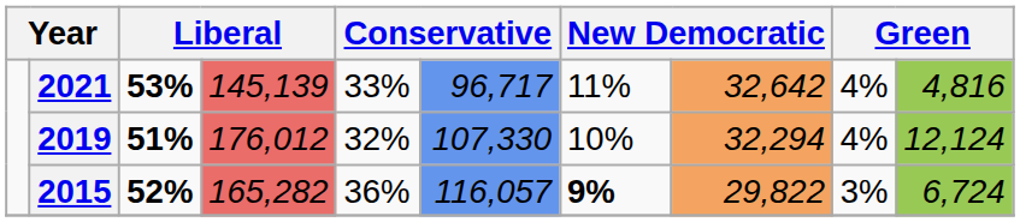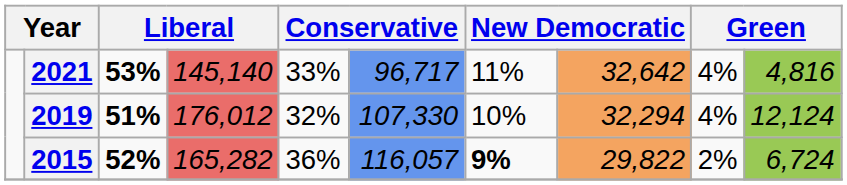 <table class="wikitable" style="float:right; width:400; font-size:90%; margin-left:1em;">
 <tr>
 <th colspan="2" scope="col">Year</th>
 <th colspan="2" scope="col"><a href='#'>Liberal</a></th>
 <th colspan="2" scope="col"><a href='#'>Conservative</a></th>
 <th colspan="2" scope="col"><a href='#'>New Democratic</a></th>
 <th colspan="2" scope="col"><a href='#'>Green</a></th>
 </tr>
 <tr>
 <td rowspan="3" style="width: 0.25em; background-color: "></td>
 <th><a href='#'>2021</a></th>
 <td><strong>53%</strong></td>
-<td style="text-align:right; background:#EA6D6A;"><em>145,139</em></td>
+<td style="text-align:right; background:#EA6D6A;"><em>145,140</em></td>
 <td>33%</td>
 <td style="text-align:right; background:#6495ED;"><em>96,717</em></td>
 <td>11%</td>
 <td style="text-align:right; background:#F4A460;"><em>32,642</em></td>
 <td>4%</td>
 <td style="text-align:right; background:#99C955;"><em>4,816</em></td>
 </tr>
 <tr>
 <th><a href='#'>2019</a></th>
 <td><strong>51%</strong></td>
 <td style="text-align:right; background:#EA6D6A;"><em>176,012</em></td>
 <td>32%</td>
 <td style="text-align:right; background:#6495ED;"><em>107,330</em></td>
 <td>10%</td>
 <td style="text-align:right; background:#F4A460;"><em>32,294</em></td>
 <td>4%</td>
 <td style="text-align:right; background:#99C955;"><em>12,124</em></td>
 </tr>
 <tr>
 <th><a href='#'>2015</a></th>
 <td><strong>52%</strong></td>
 <td style="text-align:right; background:#EA6D6A;"><em>165,282</em></td>
 <td>36%</td>
 <td style="text-align:right; background:#6495ED;"><em>116,057</em></td>
 <td><strong>9%</strong></td>
 <td style="text-align:right; background:#F4A460;"><em>29,822</em></td>
-<td>3%</td>
+<td>2%</td>
 <td style="text-align:right; background:#99C955;"><em>6,724</em></td>
 </tr>
 <tr>
 </tr>
 </table>
